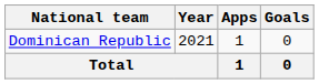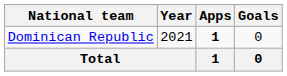 <table class="wikitable" style="text-align:center">
 <tr>
 <th>National team</th>
 <th>Year</th>
 <th>Apps</th>
 <th>Goals</th>
 </tr>
 <tr>
 <td rowspan="1"><a href='#'>Dominican Republic</a></td>
 <td>2021</td>
-<td>1</td>
+<td><strong>1</strong></td>
 <td>0</td>
 </tr>
 <tr>
 <th colspan=2>Total</th>
 <th>1</th>
 <th>0</th>
 </tr>
 </table>
